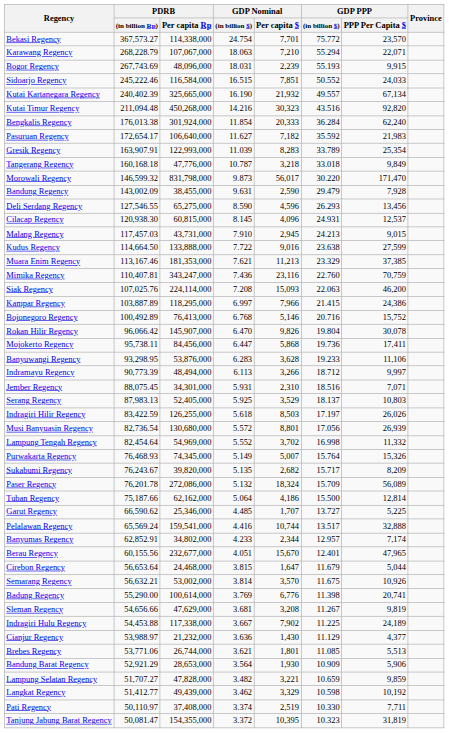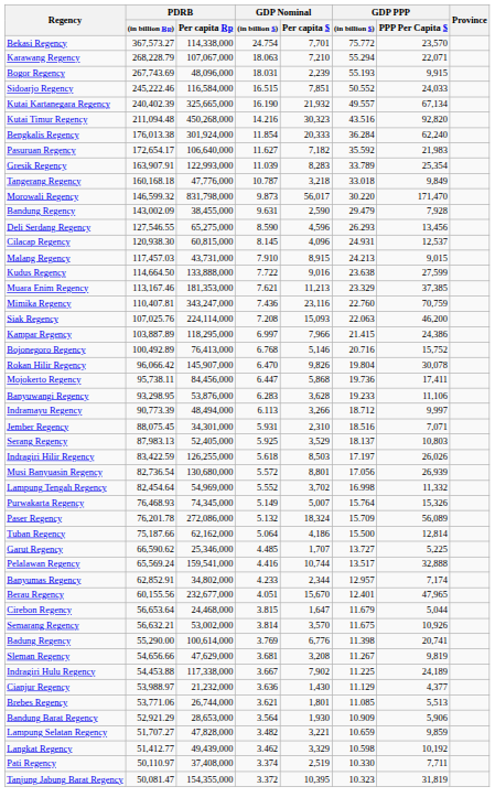 <table class="wikitable sortable sticky-header-multi sort-under static-row-numbers" style="text-align:center; font-size:85%;">
 <tr>
 <th rowspan="2">Regency</th>
 <th scope="col" colspan="2">PDRB</th>
 <th scope="col" colspan="2">GDP Nominal</th>
 <th scope="col" colspan="2">GDP PPP</th>
 <th rowspan="2">Province</th>
 </tr>
 <tr>
 <th scope="col"><small>(in billion <a href='#'>Rp</a>)</small></th>
 <th>Per capita <a href='#'>Rp</a></th>
 <th scope="col"><small>(in billion <a href='#'>$</a>)</small></th>
 <th>Per capita <a href='#'>$</a></th>
 <th scope="col"><small>(in billion <a href='#'>$</a>)</small></th>
 <th>PPP Per Capita <a href='#'>$</a></th>
 </tr>
 <tr>
 <td ! scope="row" style="text-align: left; font-weight: normal;"><a href='#'>Bekasi Regency</a></td>
 <td align=right>367,573.27</td>
 <td align=right>114,338,000</td>
 <td align=right>24.754</td>
 <td align=right>7,701</td>
 <td align=right>75.772</td>
 <td align=right>23,570</td>
 <td></td>
 </tr>
 <tr>
 <td ! scope="row" style="text-align: left; font-weight: normal;"><a href='#'>Karawang Regency</a></td>
 <td align=right>268,228.79</td>
 <td align=right>107,067,000</td>
 <td align=right>18.063</td>
 <td align=right>7,210</td>
 <td align=right>55.294</td>
 <td align=right>22,071</td>
 <td></td>
 </tr>
 <tr>
 <td ! scope="row" style="text-align: left; font-weight: normal;"><a href='#'>Bogor Regency</a></td>
 <td align=right>267,743.69</td>
 <td align=right>48,096,000</td>
 <td align=right>18.031</td>
 <td align=right>2,239</td>
 <td align=right>55.193</td>
 <td align=right>9,915</td>
 <td></td>
 </tr>
 <tr>
 <td ! scope="row" style="text-align: left; font-weight: normal;"><a href='#'>Sidoarjo Regency</a></td>
 <td align=right>245,222.46</td>
 <td align=right>116,584,000</td>
 <td align=right>16.515</td>
 <td align=right>7,851</td>
 <td align=right>50.552</td>
 <td align=right>24,033</td>
 <td></td>
 </tr>
 <tr>
 <td ! scope="row" style="text-align: left; font-weight: normal;"><a href='#'>Kutai Kartanegara Regency</a></td>
 <td align=right>240,402.39</td>
 <td align=right>325,665,000</td>
 <td align=right>16.190</td>
 <td align=right>21,932</td>
 <td align=right>49.557</td>
 <td align=right>67,134</td>
 <td></td>
 </tr>
 <tr>
 <td ! scope="row" style="text-align: left; font-weight: normal;"><a href='#'>Kutai Timur Regency</a></td>
 <td align=right>211,094.48</td>
 <td align=right>450,268,000</td>
 <td align=right>14.216</td>
 <td align=right>30,323</td>
 <td align=right>43.516</td>
 <td align=right>92,820</td>
 <td></td>
 </tr>
 <tr>
 <td ! scope="row" style="text-align: left; font-weight: normal;"><a href='#'>Bengkalis Regency</a></td>
 <td align=right>176,013.38</td>
 <td align=right>301,924,000</td>
 <td align=right>11.854</td>
 <td align=right>20,333</td>
 <td align=right>36.284</td>
 <td align=right>62,240</td>
 <td></td>
 </tr>
 <tr>
 <td ! scope="row" style="text-align: left; font-weight: normal;"><a href='#'>Pasuruan Regency</a></td>
 <td align=right>172,654.17</td>
 <td align=right>106,640,000</td>
 <td align=right>11.627</td>
 <td align=right>7,182</td>
 <td align=right>35.592</td>
 <td align=right>21,983</td>
 <td></td>
 </tr>
 <tr>
 <td ! scope="row" style="text-align: left; font-weight: normal;"><a href='#'>Gresik Regency</a></td>
 <td align=right>163,907.91</td>
 <td align=right>122,993,000</td>
 <td align=right>11.039</td>
 <td align=right>8,283</td>
 <td align=right>33.789</td>
 <td align=right>25,354</td>
 <td></td>
 </tr>
 <tr>
 <td ! scope="row" style="text-align: left; font-weight: normal;"><a href='#'>Tangerang Regency</a></td>
 <td align=right>160,168.18</td>
 <td align=right>47,776,000</td>
 <td align=right>10.787</td>
 <td align=right>3,218</td>
 <td align=right>33.018</td>
 <td align=right>9,849</td>
 <td></td>
 </tr>
 <tr>
 <td ! scope="row" style="text-align: left; font-weight: normal;"><a href='#'>Morowali Regency</a></td>
 <td align=right>146,599.32</td>
 <td align=right>831,798,000</td>
 <td align=right>9.873</td>
 <td align=right>56,017</td>
 <td align=right>30.220</td>
 <td align=right>171,470</td>
 <td></td>
 </tr>
 <tr>
 <td ! scope="row" style="text-align: left; font-weight: normal;"><a href='#'>Bandung Regency</a></td>
 <td align=right>143,002.09</td>
 <td align=right>38,455,000</td>
 <td align=right>9.631</td>
 <td align=right>2,590</td>
 <td align=right>29.479</td>
 <td align=right>7,928</td>
 <td></td>
 </tr>
 <tr>
 <td ! scope="row" style="text-align: left; font-weight: normal;"><a href='#'>Deli Serdang Regency</a></td>
 <td align=right>127,546.55</td>
 <td align=right>65,275,000</td>
 <td align=right>8.590</td>
 <td align=right>4,596</td>
 <td align=right>26.293</td>
 <td align=right>13,456</td>
 <td></td>
 </tr>
 <tr>
 <td ! scope="row" style="text-align: left; font-weight: normal;"><a href='#'>Cilacap Regency</a></td>
 <td align=right>120,938.30</td>
 <td align=right>60,815,000</td>
 <td align=right>8.145</td>
 <td align=right>4,096</td>
 <td align=right>24.931</td>
 <td align=right>12,537</td>
 <td></td>
 </tr>
 <tr>
 <td ! scope="row" style="text-align: left; font-weight: normal;"><a href='#'>Malang Regency</a></td>
 <td align=right>117,457.03</td>
 <td align=right>43,731,000</td>
 <td align=right>7.910</td>
-<td align=right>2,945</td>
+<td align=right>8,915</td>
 <td align=right>24.213</td>
 <td align=right>9,015</td>
 <td></td>
 </tr>
 <tr>
 <td ! scope="row" style="text-align: left; font-weight: normal;"><a href='#'>Kudus Regency</a></td>
 <td align=right>114,664.50</td>
 <td align=right>133,888,000</td>
 <td align=right>7.722</td>
 <td align=right>9,016</td>
 <td align=right>23.638</td>
 <td align=right>27,599</td>
 <td></td>
 </tr>
 <tr>
 <td ! scope="row" style="text-align: left; font-weight: normal;"><a href='#'>Muara Enim Regency</a></td>
 <td align=right>113,167.46</td>
 <td align=right>181,353,000</td>
 <td align=right>7.621</td>
 <td align=right>11,213</td>
 <td align=right>23.329</td>
 <td align=right>37,385</td>
 <td></td>
 </tr>
 <tr>
 <td ! scope="row" style="text-align: left; font-weight: normal;"><a href='#'>Mimika Regency</a></td>
 <td align=right>110,407.81</td>
 <td align=right>343,247,000</td>
 <td align=right>7.436</td>
 <td align=right>23,116</td>
 <td align=right>22.760</td>
 <td align=right>70,759</td>
 <td></td>
 </tr>
 <tr>
 <td ! scope="row" style="text-align: left; font-weight: normal;"><a href='#'>Siak Regency</a></td>
 <td align=right>107,025.76</td>
 <td align=right>224,114,000</td>
 <td align=right>7.208</td>
 <td align=right>15,093</td>
 <td align=right>22.063</td>
 <td align=right>46,200</td>
 <td></td>
 </tr>
 <tr>
 <td ! scope="row" style="text-align: left; font-weight: normal;"><a href='#'>Kampar Regency</a></td>
 <td align=right>103,887.89</td>
 <td align=right>118,295,000</td>
 <td align=right>6.997</td>
 <td align=right>7,966</td>
 <td align=right>21.415</td>
 <td align=right>24,386</td>
 <td></td>
 </tr>
 <tr>
 <td ! scope="row" style="text-align: left; font-weight: normal;"><a href='#'>Bojonegoro Regency</a></td>
 <td align=right>100,492.89</td>
 <td align=right>76,413,000</td>
 <td align=right>6.768</td>
 <td align=right>5,146</td>
 <td align=right>20.716</td>
 <td align=right>15,752</td>
 <td></td>
 </tr>
 <tr>
 <td ! scope="row" style="text-align: left; font-weight: normal;"><a href='#'>Rokan Hilir Regency</a></td>
 <td align=right>96,066.42</td>
 <td align=right>145,907,000</td>
 <td align=right>6.470</td>
 <td align=right>9,826</td>
 <td align=right>19.804</td>
 <td align=right>30,078</td>
 <td></td>
 </tr>
 <tr>
 <td ! scope="row" style="text-align: left; font-weight: normal;"><a href='#'>Mojokerto Regency</a></td>
 <td align=right>95,738.11</td>
 <td align=right>84,456,000</td>
 <td align=right>6.447</td>
 <td align=right>5,868</td>
 <td align=right>19.736</td>
 <td align=right>17,411</td>
 <td></td>
 </tr>
 <tr>
 <td ! scope="row" style="text-align: left; font-weight: normal;"><a href='#'>Banyuwangi Regency</a></td>
 <td align=right>93,298.95</td>
 <td align=right>53,876,000</td>
 <td align=right>6.283</td>
 <td align=right>3,628</td>
 <td align=right>19.233</td>
 <td align=right>11,106</td>
 <td></td>
 </tr>
 <tr>
 <td ! scope="row" style="text-align: left; font-weight: normal;"><a href='#'>Indramayu Regency</a></td>
 <td align=right>90,773.39</td>
 <td align=right>48,494,000</td>
 <td align=right>6.113</td>
 <td align=right>3,266</td>
 <td align=right>18.712</td>
 <td align=right>9,997</td>
 <td></td>
 </tr>
 <tr>
 <td ! scope="row" style="text-align: left; font-weight: normal;"><a href='#'>Jember Regency</a></td>
 <td align=right>88,075.45</td>
 <td align=right>34,301,000</td>
 <td align=right>5.931</td>
 <td align=right>2,310</td>
 <td align=right>18.516</td>
 <td align=right>7,071</td>
 <td></td>
 </tr>
 <tr>
 <td ! scope="row" style="text-align: left; font-weight: normal;"><a href='#'>Serang Regency</a></td>
 <td align=right>87,983.13</td>
 <td align=right>52,405,000</td>
 <td align=right>5.925</td>
 <td align=right>3,529</td>
 <td align=right>18.137</td>
 <td align=right>10,803</td>
 <td></td>
 </tr>
 <tr>
 <td ! scope="row" style="text-align: left; font-weight: normal;"><a href='#'>Indragiri Hilir Regency</a></td>
 <td align=right>83,422.59</td>
 <td align=right>126,255,000</td>
 <td align=right>5.618</td>
 <td align=right>8,503</td>
 <td align=right>17.197</td>
 <td align=right>26,026</td>
 <td></td>
 </tr>
 <tr>
 <td ! scope="row" style="text-align: left; font-weight: normal;"><a href='#'>Musi Banyuasin Regency</a></td>
 <td align=right>82,736.54</td>
 <td align=right>130,680,000</td>
 <td align=right>5.572</td>
 <td align=right>8,801</td>
 <td align=right>17.056</td>
 <td align=right>26,939</td>
 <td></td>
 </tr>
 <tr>
 <td ! scope="row" style="text-align: left; font-weight: normal;"><a href='#'>Lampung Tengah Regency</a></td>
 <td align=right>82,454.64</td>
 <td align=right>54,969,000</td>
 <td align=right>5.552</td>
 <td align=right>3,702</td>
 <td align=right>16.998</td>
 <td align=right>11,332</td>
 <td></td>
 </tr>
 <tr>
 <td ! scope="row" style="text-align: left; font-weight: normal;"><a href='#'>Purwakarta Regency</a></td>
 <td align=right>76,468.93</td>
 <td align=right>74,345,000</td>
 <td align=right>5.149</td>
 <td align=right>5,007</td>
 <td align=right>15.764</td>
 <td align=right>15,326</td>
-<td></td>
-</tr>
-<tr>
-<td ! scope="row" style="text-align: left; font-weight: normal;"><a href='#'>Sukabumi Regency</a></td>
-<td align=right>76,243.67</td>
-<td align=right>39,820,000</td>
-<td align=right>5.135</td>
-<td align=right>2,682</td>
-<td align=right>15.717</td>
-<td align=right>8,209</td>
 <td></td>
 </tr>
 <tr>
 <td ! scope="row" style="text-align: left; font-weight: normal;"><a href='#'>Paser Regency</a></td>
 <td align=right>76,201.78</td>
 <td align=right>272,086,000</td>
 <td align=right>5.132</td>
 <td align=right>18,324</td>
 <td align=right>15.709</td>
 <td align=right>56,089</td>
 <td></td>
 </tr>
 <tr>
 <td ! scope="row" style="text-align: left; font-weight: normal;"><a href='#'>Tuban Regency</a></td>
 <td align=right>75,187.66</td>
 <td align=right>62,162,000</td>
 <td align=right>5.064</td>
 <td align=right>4,186</td>
 <td align=right>15.500</td>
 <td align=right>12,814</td>
 <td></td>
 </tr>
 <tr>
 <td ! scope="row" style="text-align: left; font-weight: normal;"><a href='#'>Garut Regency</a></td>
 <td align=right>66,590.62</td>
 <td align=right>25,346,000</td>
 <td align=right>4.485</td>
 <td align=right>1,707</td>
 <td align=right>13.727</td>
 <td align=right>5,225</td>
 <td></td>
 </tr>
 <tr>
 <td ! scope="row" style="text-align: left; font-weight: normal;"><a href='#'>Pelalawan Regency</a></td>
 <td align=right>65,569.24</td>
 <td align=right>159,541,000</td>
 <td align=right>4.416</td>
 <td align=right>10,744</td>
 <td align=right>13.517</td>
 <td align=right>32,888</td>
 <td></td>
 </tr>
 <tr>
 <td ! scope="row" style="text-align: left; font-weight: normal;"><a href='#'>Banyumas Regency</a></td>
 <td align=right>62,852.91</td>
 <td align=right>34,802,000</td>
 <td align=right>4.233</td>
 <td align=right>2,344</td>
 <td align=right>12.957</td>
 <td align=right>7,174</td>
 <td></td>
 </tr>
 <tr>
 <td ! scope="row" style="text-align: left; font-weight: normal;"><a href='#'>Berau Regency</a></td>
 <td align=right>60,155.56</td>
 <td align=right>232,677,000</td>
 <td align=right>4.051</td>
 <td align=right>15,670</td>
 <td align=right>12.401</td>
 <td align=right>47,965</td>
 <td></td>
 </tr>
 <tr>
 <td ! scope="row" style="text-align: left; font-weight: normal;"><a href='#'>Cirebon Regency</a></td>
 <td align=right>56,653.64</td>
 <td align=right>24,468,000</td>
 <td align=right>3.815</td>
 <td align=right>1,647</td>
 <td align=right>11.679</td>
 <td align=right>5,044</td>
 <td></td>
 </tr>
 <tr>
 <td ! scope="row" style="text-align: left; font-weight: normal;"><a href='#'>Semarang Regency</a></td>
 <td align=right>56,632.21</td>
 <td align=right>53,002,000</td>
 <td align=right>3.814</td>
 <td align=right>3,570</td>
 <td align=right>11.675</td>
 <td align=right>10,926</td>
 <td></td>
 </tr>
 <tr>
 <td ! scope="row" style="text-align: left; font-weight: normal;"><a href='#'>Badung Regency</a></td>
 <td align=right>55,290.00</td>
 <td align=right>100,614,000</td>
 <td align=right>3.769</td>
 <td align=right>6,776</td>
 <td align=right>11.398</td>
 <td align=right>20,741</td>
 <td></td>
 </tr>
 <tr>
 <td ! scope="row" style="text-align: left; font-weight: normal;"><a href='#'>Sleman Regency</a></td>
 <td align=right>54,656.66</td>
 <td align=right>47,629,000</td>
 <td align=right>3.681</td>
 <td align=right>3,208</td>
 <td align=right>11.267</td>
 <td align=right>9,819</td>
 <td></td>
 </tr>
 <tr>
 <td ! scope="row" style="text-align: left; font-weight: normal;"><a href='#'>Indragiri Hulu Regency</a></td>
 <td align=right>54,453.88</td>
 <td align=right>117,338,000</td>
 <td align=right>3.667</td>
 <td align=right>7,902</td>
 <td align=right>11.225</td>
 <td align=right>24,189</td>
 <td></td>
 </tr>
 <tr>
 <td ! scope="row" style="text-align: left; font-weight: normal;"><a href='#'>Cianjur Regency</a></td>
 <td align=right>53,988.97</td>
 <td align=right>21,232,000</td>
 <td align=right>3.636</td>
 <td align=right>1,430</td>
 <td align=right>11.129</td>
 <td align=right>4,377</td>
 <td></td>
 </tr>
 <tr>
 <td ! scope="row" style="text-align: left; font-weight: normal;"><a href='#'>Brebes Regency</a></td>
 <td align=right>53,771.06</td>
 <td align=right>26,744,000</td>
 <td align=right>3.621</td>
 <td align=right>1,801</td>
 <td align=right>11.085</td>
 <td align=right>5,513</td>
 <td></td>
 </tr>
 <tr>
 <td ! scope="row" style="text-align: left; font-weight: normal;"><a href='#'>Bandung Barat Regency</a></td>
 <td align=right>52,921.29</td>
 <td align=right>28,653,000</td>
 <td align=right>3.564</td>
 <td align=right>1,930</td>
 <td align=right>10.909</td>
 <td align=right>5,906</td>
 <td></td>
 </tr>
 <tr>
 <td ! scope="row" style="text-align: left; font-weight: normal;"><a href='#'>Lampung Selatan Regency</a></td>
 <td align=right>51,707.27</td>
 <td align=right>47,828,000</td>
 <td align=right>3.482</td>
 <td align=right>3,221</td>
 <td align=right>10.659</td>
 <td align=right>9,859</td>
 <td></td>
 </tr>
 <tr>
 <td ! scope="row" style="text-align: left; font-weight: normal;"><a href='#'>Langkat Regency</a></td>
 <td align=right>51,412.77</td>
 <td align=right>49,439,000</td>
 <td align=right>3.462</td>
 <td align=right>3,329</td>
 <td align=right>10.598</td>
 <td align=right>10,192</td>
 <td></td>
 </tr>
 <tr>
 <td ! scope="row" style="text-align: left; font-weight: normal;"><a href='#'>Pati Regency</a></td>
 <td align=right>50,110.97</td>
 <td align=right>37,408,000</td>
 <td align=right>3.374</td>
 <td align=right>2,519</td>
 <td align=right>10.330</td>
 <td align=right>7,711</td>
 <td></td>
 </tr>
 <tr>
 <td ! scope="row" style="text-align: left; font-weight: normal;"><a href='#'>Tanjung Jabung Barat Regency</a></td>
 <td align=right>50,081.47</td>
 <td align=right>154,355,000</td>
 <td align=right>3.372</td>
 <td align=right>10,395</td>
 <td align=right>10.323</td>
 <td align=right>31,819</td>
 <td></td>
 </tr>
 </table>
